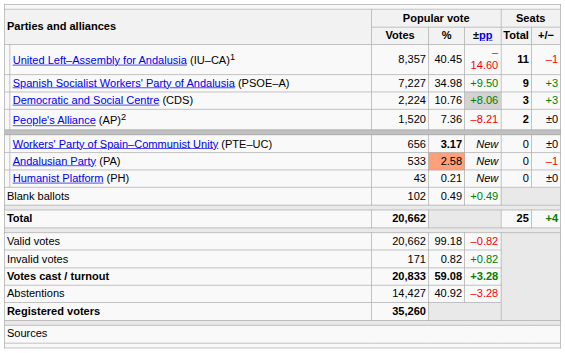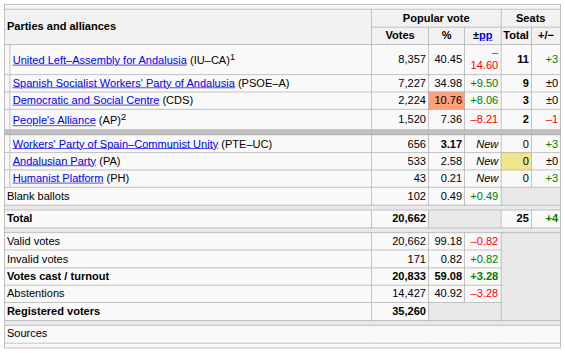 <table class="wikitable" style="text-align:right;">
 <tr>
 <td colspan="7"></td>
 </tr>
 <tr>
 <th style="text-align:left;" rowspan="2" colspan="2" width="525">Parties and alliances</th>
 <th colspan="3">Popular vote</th>
 <th colspan="2">Seats</th>
 </tr>
 <tr>
 <th width="75">Votes</th>
 <th width="45">%</th>
 <th width="45">±<a href='#'>pp</a></th>
 <th width="35">Total</th>
 <th width="35">+/−</th>
 </tr>
 <tr>
 <td width="1" style="color:inherit;background:"></td>
 <td align="left"><a href='#'>United Left–Assembly for Andalusia</a> (IU–CA)<sup>1</sup></td>
 <td>8,357</td>
 <td>40.45</td>
 <td style="color:red;">–14.60</td>
 <td><strong>11</strong></td>
-<td style="color:red;">–1</td>
+<td style="color:green;">+3</td>
 </tr>
 <tr>
 <td style="color:inherit;background:"></td>
 <td align="left"><a href='#'>Spanish Socialist Workers' Party of Andalusia</a> (PSOE–A)</td>
 <td>7,227</td>
 <td>34.98</td>
 <td style="color:green;">+9.50</td>
 <td><strong>9</strong></td>
-<td style="color:green;">+3</td>
+<td>±0</td>
 </tr>
 <tr>
 <td style="color:inherit;background:"></td>
 <td align="left"><a href='#'>Democratic and Social Centre</a> (CDS)</td>
 <td>2,224</td>
-<td>10.76</td>
-<td style="background: lightgrey; color:green;">+8.06</td>
+<td style="background: lightsalmon;">10.76</td>
+<td style="color:green;">+8.06</td>
 <td><strong>3</strong></td>
-<td style="color:green;">+3</td>
+<td>±0</td>
 </tr>
 <tr>
 <td style="color:inherit;background:"></td>
 <td align="left"><a href='#'>People's Alliance</a> (AP)<sup>2</sup></td>
 <td>1,520</td>
 <td>7.36</td>
 <td style="color:red;">–8.21</td>
 <td><strong>2</strong></td>
-<td>±0</td>
+<td style="color:red;">–1</td>
 </tr>
 <tr>
 <td colspan="7" bgcolor="#C0C0C0"></td>
 </tr>
 <tr>
 <td style="color:inherit;background:"></td>
 <td align="left"><a href='#'>Workers' Party of Spain–Communist Unity</a> (PTE–UC)</td>
 <td>656</td>
 <td><strong>3.17</strong></td>
 <td><em>New</em></td>
 <td>0</td>
-<td>±0</td>
+<td style="color:green;">+3</td>
 </tr>
 <tr>
 <td style="color:inherit;background:"></td>
 <td align="left"><a href='#'>Andalusian Party</a> (PA)</td>
 <td>533</td>
-<td style="background: lightsalmon;">2.58</td>
+<td>2.58</td>
 <td><em>New</em></td>
-<td>0</td>
-<td style="color:red;">–1</td>
+<td style="background: khaki;">0</td>
+<td>±0</td>
 </tr>
 <tr>
 <td style="color:inherit;background:"></td>
 <td align="left"><a href='#'>Humanist Platform</a> (PH)</td>
 <td>43</td>
 <td>0.21</td>
 <td><em>New</em></td>
 <td>0</td>
-<td>±0</td>
+<td style="color:green;">+3</td>
 </tr>
 <tr>
 <td align="left" colspan="2">Blank ballots</td>
 <td>102</td>
 <td>0.49</td>
 <td style="color:green;">+0.49</td>
 <td bgcolor="#E9E9E9" colspan="2"></td>
 </tr>
 <tr>
 <td colspan="7" bgcolor="#E9E9E9"></td>
 </tr>
 <tr style="font-weight:bold;">
 <td align="left" colspan="2">Total</td>
 <td>20,662</td>
 <td bgcolor="#E9E9E9" colspan="2"></td>
 <td>25</td>
 <td style="color:green;">+4</td>
 </tr>
 <tr>
 <td colspan="7" bgcolor="#E9E9E9"></td>
 </tr>
 <tr>
 <td align="left" colspan="2">Valid votes</td>
 <td>20,662</td>
 <td>99.18</td>
 <td style="color:red;">–0.82</td>
 <td bgcolor="#E9E9E9" colspan="2" rowspan="5"></td>
 </tr>
 <tr>
 <td align="left" colspan="2">Invalid votes</td>
 <td>171</td>
 <td>0.82</td>
 <td style="color:green;">+0.82</td>
 </tr>
 <tr style="font-weight:bold;">
 <td align="left" colspan="2">Votes cast / turnout</td>
 <td>20,833</td>
 <td>59.08</td>
 <td style="color:green;">+3.28</td>
 </tr>
 <tr>
 <td align="left" colspan="2">Abstentions</td>
 <td>14,427</td>
 <td>40.92</td>
 <td style="color:red;">–3.28</td>
 </tr>
 <tr style="font-weight:bold;">
 <td align="left" colspan="2">Registered voters</td>
 <td>35,260</td>
 <td bgcolor="#E9E9E9" colspan="2"></td>
 </tr>
 <tr>
 <td colspan="7" bgcolor="#E9E9E9"></td>
 </tr>
 <tr>
 <td align="left" colspan="7">Sources</td>
 </tr>
 <tr>
 <td colspan="7" style="text-align:left; max-width:790px;"></td>
 </tr>
 </table>
